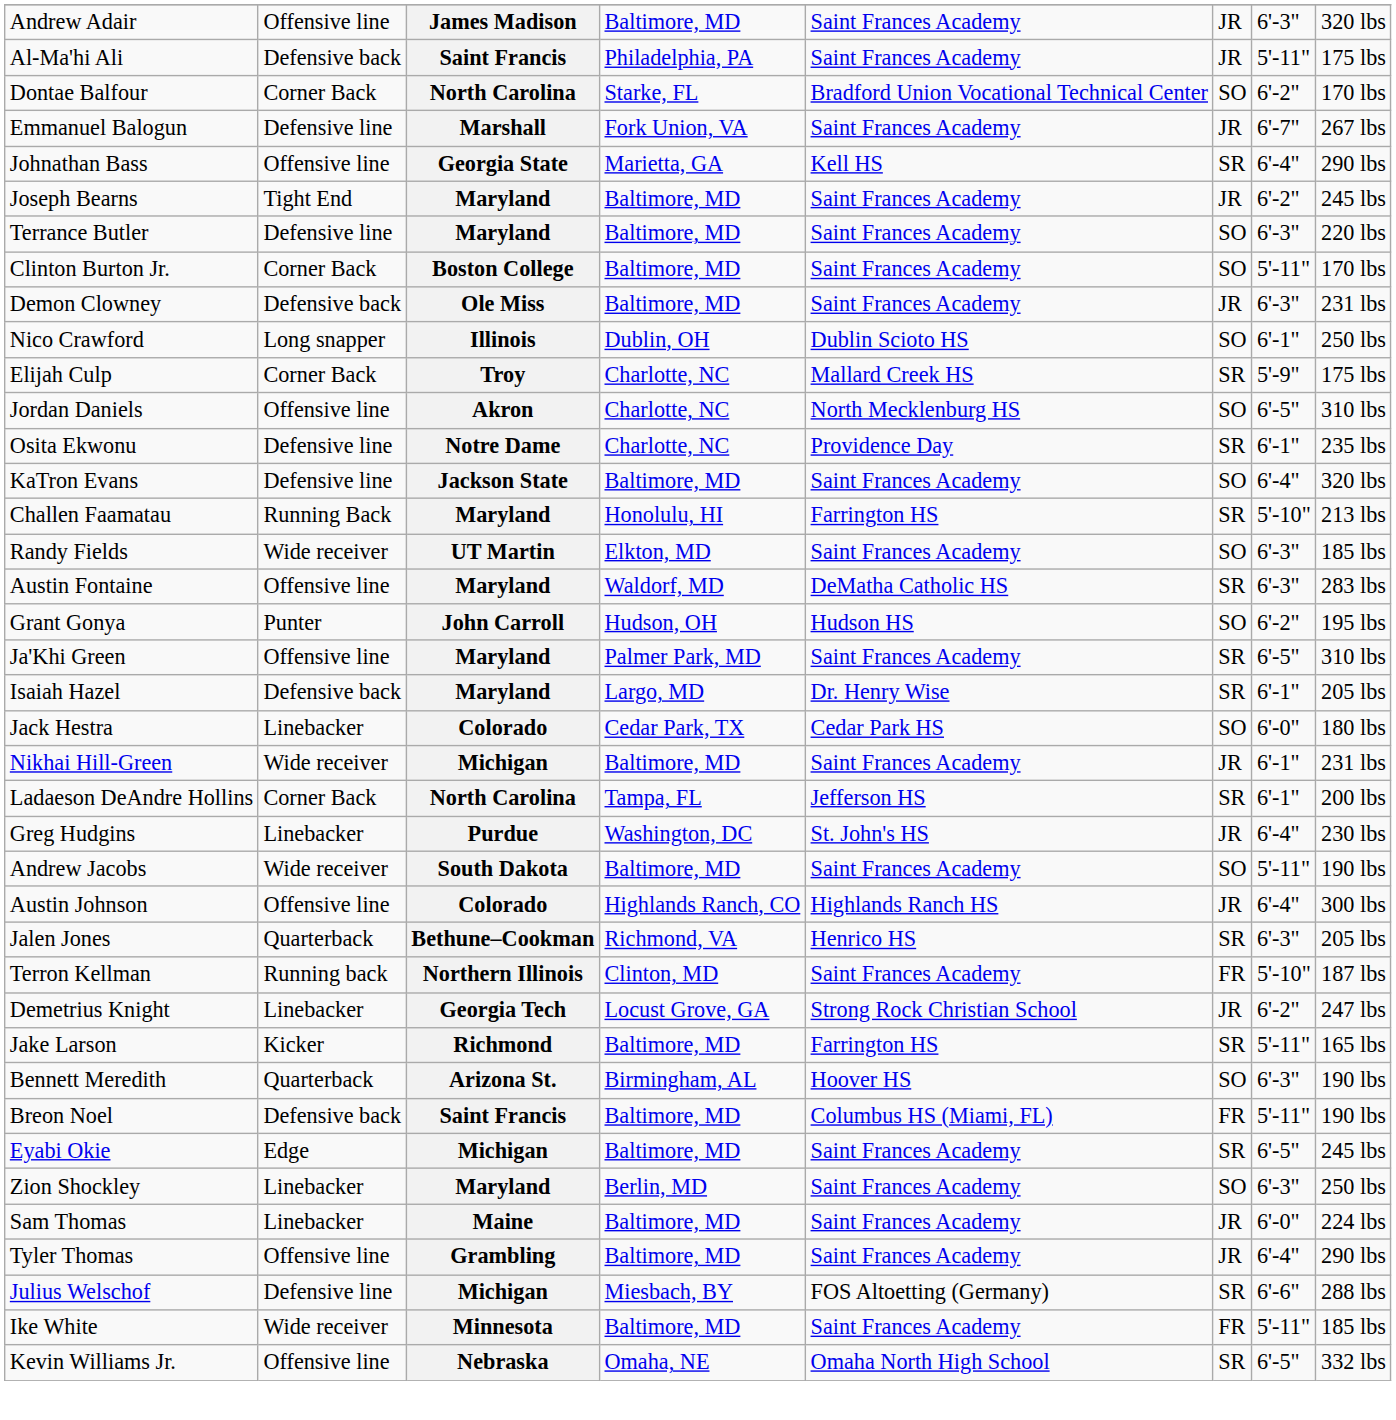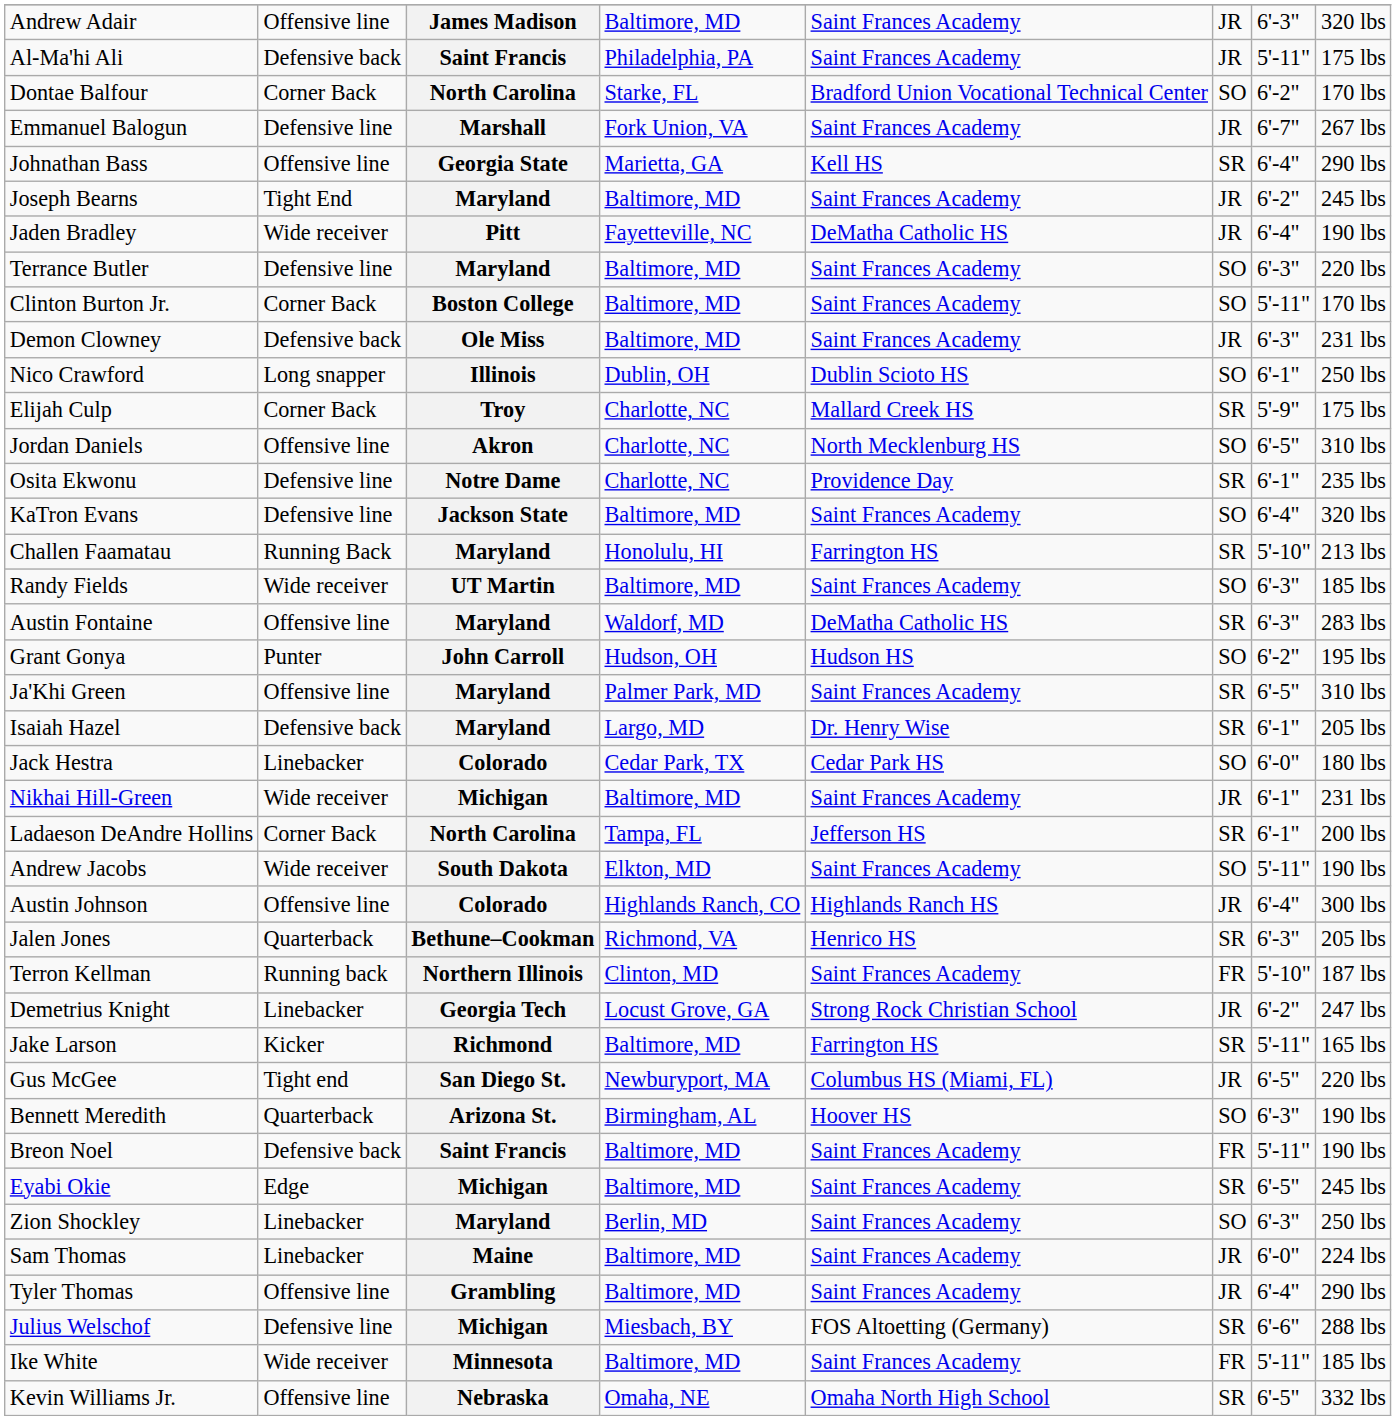 <table class="wikitable mw-collapsible mw-collapsed">
 <tr>
 </tr>
 <tr>
 <td>Andrew Adair</td>
 <td>Offensive line</td>
 <th>James Madison</th>
 <td><a href='#'>Baltimore, MD</a></td>
 <td><a href='#'>Saint Frances Academy</a></td>
 <td>JR</td>
 <td>6'-3"</td>
 <td>320 lbs</td>
 </tr>
 <tr>
 <td>Al-Ma'hi Ali</td>
 <td>Defensive back</td>
 <th>Saint Francis</th>
 <td><a href='#'>Philadelphia, PA</a></td>
 <td><a href='#'>Saint Frances Academy</a></td>
 <td>JR</td>
 <td>5'-11"</td>
 <td>175 lbs</td>
 </tr>
 <tr>
 <td>Dontae Balfour</td>
 <td>Corner Back</td>
 <th>North Carolina</th>
 <td><a href='#'>Starke, FL</a></td>
 <td><a href='#'>Bradford Union Vocational Technical Center</a></td>
 <td>SO</td>
 <td>6'-2"</td>
 <td>170 lbs</td>
 </tr>
 <tr>
 <td>Emmanuel Balogun</td>
 <td>Defensive line</td>
 <th>Marshall</th>
 <td><a href='#'>Fork Union, VA</a></td>
 <td><a href='#'>Saint Frances Academy</a></td>
 <td>JR</td>
 <td>6'-7"</td>
 <td>267 lbs</td>
 </tr>
 <tr>
 <td>Johnathan Bass</td>
 <td>Offensive line</td>
 <th>Georgia State</th>
 <td><a href='#'>Marietta, GA</a></td>
 <td><a href='#'>Kell HS</a></td>
 <td>SR</td>
 <td>6'-4"</td>
 <td>290 lbs</td>
 </tr>
 <tr>
 <td>Joseph Bearns</td>
 <td>Tight End</td>
 <th>Maryland</th>
 <td><a href='#'>Baltimore, MD</a></td>
 <td><a href='#'>Saint Frances Academy</a></td>
 <td>JR</td>
 <td>6'-2"</td>
 <td>245 lbs</td>
+</tr>
+<tr>
+<td>Jaden Bradley</td>
+<td>Wide receiver</td>
+<th>Pitt</th>
+<td><a href='#'>Fayetteville, NC</a></td>
+<td><a href='#'>DeMatha Catholic HS</a></td>
+<td>JR</td>
+<td>6'-4"</td>
+<td>190 lbs</td>
 </tr>
 <tr>
 <td>Terrance Butler</td>
 <td>Defensive line</td>
 <th>Maryland</th>
 <td><a href='#'>Baltimore, MD</a></td>
 <td><a href='#'>Saint Frances Academy</a></td>
 <td>SO</td>
 <td>6'-3"</td>
 <td>220 lbs</td>
 </tr>
 <tr>
 <td>Clinton Burton Jr.</td>
 <td>Corner Back</td>
 <th>Boston College</th>
 <td><a href='#'>Baltimore, MD</a></td>
 <td><a href='#'>Saint Frances Academy</a></td>
 <td>SO</td>
 <td>5'-11"</td>
 <td>170 lbs</td>
 </tr>
 <tr>
 <td>Demon Clowney</td>
 <td>Defensive back</td>
 <th>Ole Miss</th>
 <td><a href='#'>Baltimore, MD</a></td>
 <td><a href='#'>Saint Frances Academy</a></td>
 <td>JR</td>
 <td>6'-3"</td>
 <td>231 lbs</td>
 </tr>
 <tr>
 <td>Nico Crawford</td>
 <td>Long snapper</td>
 <th>Illinois</th>
 <td><a href='#'>Dublin, OH</a></td>
 <td><a href='#'>Dublin Scioto HS</a></td>
 <td>SO</td>
 <td>6'-1"</td>
 <td>250 lbs</td>
 </tr>
 <tr>
 <td>Elijah Culp</td>
 <td>Corner Back</td>
 <th>Troy</th>
 <td><a href='#'>Charlotte, NC</a></td>
 <td><a href='#'>Mallard Creek HS</a></td>
 <td>SR</td>
 <td>5'-9"</td>
 <td>175 lbs</td>
 </tr>
 <tr>
 <td>Jordan Daniels</td>
 <td>Offensive line</td>
 <th>Akron</th>
 <td><a href='#'>Charlotte, NC</a></td>
 <td><a href='#'>North Mecklenburg HS</a></td>
 <td>SO</td>
 <td>6'-5"</td>
 <td>310 lbs</td>
 </tr>
 <tr>
 <td>Osita Ekwonu</td>
 <td>Defensive line</td>
 <th>Notre Dame</th>
 <td><a href='#'>Charlotte, NC</a></td>
 <td><a href='#'>Providence Day</a></td>
 <td>SR</td>
 <td>6'-1"</td>
 <td>235 lbs</td>
 </tr>
 <tr>
 <td>KaTron Evans</td>
 <td>Defensive line</td>
 <th>Jackson State</th>
 <td><a href='#'>Baltimore, MD</a></td>
 <td><a href='#'>Saint Frances Academy</a></td>
 <td>SO</td>
 <td>6'-4"</td>
 <td>320 lbs</td>
 </tr>
 <tr>
 <td>Challen Faamatau</td>
 <td>Running Back</td>
 <th>Maryland</th>
 <td><a href='#'>Honolulu, HI</a></td>
 <td><a href='#'>Farrington HS</a></td>
 <td>SR</td>
 <td>5'-10"</td>
 <td>213 lbs</td>
 </tr>
 <tr>
 <td>Randy Fields</td>
 <td>Wide receiver</td>
 <th>UT Martin</th>
-<td><a href='#'>Elkton, MD</a></td>
+<td><a href='#'>Baltimore, MD</a></td>
 <td><a href='#'>Saint Frances Academy</a></td>
 <td>SO</td>
 <td>6'-3"</td>
 <td>185 lbs</td>
 </tr>
 <tr>
 <td>Austin Fontaine</td>
 <td>Offensive line</td>
 <th>Maryland</th>
 <td><a href='#'>Waldorf, MD</a></td>
 <td><a href='#'>DeMatha Catholic HS</a></td>
 <td>SR</td>
 <td>6'-3"</td>
 <td>283 lbs</td>
 </tr>
 <tr>
 <td>Grant Gonya</td>
 <td>Punter</td>
 <th>John Carroll</th>
 <td><a href='#'>Hudson, OH</a></td>
 <td><a href='#'>Hudson HS</a></td>
 <td>SO</td>
 <td>6'-2"</td>
 <td>195 lbs</td>
 </tr>
 <tr>
 <td>Ja'Khi Green</td>
 <td>Offensive line</td>
 <th>Maryland</th>
 <td><a href='#'>Palmer Park, MD</a></td>
 <td><a href='#'>Saint Frances Academy</a></td>
 <td>SR</td>
 <td>6'-5"</td>
 <td>310 lbs</td>
 </tr>
 <tr>
 <td>Isaiah Hazel</td>
 <td>Defensive back</td>
 <th>Maryland</th>
 <td><a href='#'>Largo, MD</a></td>
 <td><a href='#'>Dr. Henry Wise</a></td>
 <td>SR</td>
 <td>6'-1"</td>
 <td>205 lbs</td>
 </tr>
 <tr>
 <td>Jack Hestra</td>
 <td>Linebacker</td>
 <th>Colorado</th>
 <td><a href='#'>Cedar Park, TX</a></td>
 <td><a href='#'>Cedar Park HS</a></td>
 <td>SO</td>
 <td>6'-0"</td>
 <td>180 lbs</td>
 </tr>
 <tr>
 <td><a href='#'>Nikhai Hill-Green</a></td>
 <td>Wide receiver</td>
 <th>Michigan</th>
 <td><a href='#'>Baltimore, MD</a></td>
 <td><a href='#'>Saint Frances Academy</a></td>
 <td>JR</td>
 <td>6'-1"</td>
 <td>231 lbs</td>
 </tr>
 <tr>
 <td>Ladaeson DeAndre Hollins</td>
 <td>Corner Back</td>
 <th>North Carolina</th>
 <td><a href='#'>Tampa, FL</a></td>
 <td><a href='#'>Jefferson HS</a></td>
 <td>SR</td>
 <td>6'-1"</td>
 <td>200 lbs</td>
 </tr>
 <tr>
-<td>Greg Hudgins</td>
-<td>Linebacker</td>
-<th>Purdue</th>
-<td><a href='#'>Washington, DC</a></td>
-<td><a href='#'>St. John's HS</a></td>
-<td>JR</td>
-<td>6'-4"</td>
-<td>230 lbs</td>
-</tr>
-<tr>
 <td>Andrew Jacobs</td>
 <td>Wide receiver</td>
 <th>South Dakota</th>
-<td><a href='#'>Baltimore, MD</a></td>
+<td><a href='#'>Elkton, MD</a></td>
 <td><a href='#'>Saint Frances Academy</a></td>
 <td>SO</td>
 <td>5'-11"</td>
 <td>190 lbs</td>
 </tr>
 <tr>
 <td>Austin Johnson</td>
 <td>Offensive line</td>
 <th>Colorado</th>
 <td><a href='#'>Highlands Ranch, CO</a></td>
 <td><a href='#'>Highlands Ranch HS</a></td>
 <td>JR</td>
 <td>6'-4"</td>
 <td>300 lbs</td>
 </tr>
 <tr>
 <td>Jalen Jones</td>
 <td>Quarterback</td>
 <th>Bethune–Cookman</th>
 <td><a href='#'>Richmond, VA</a></td>
 <td><a href='#'>Henrico HS</a></td>
 <td>SR</td>
 <td>6'-3"</td>
 <td>205 lbs</td>
 </tr>
 <tr>
 <td>Terron Kellman</td>
 <td>Running back</td>
 <th>Northern Illinois</th>
 <td><a href='#'>Clinton, MD</a></td>
 <td><a href='#'>Saint Frances Academy</a></td>
 <td>FR</td>
 <td>5'-10"</td>
 <td>187 lbs</td>
 </tr>
 <tr>
 <td>Demetrius Knight</td>
 <td>Linebacker</td>
 <th>Georgia Tech</th>
 <td><a href='#'>Locust Grove, GA</a></td>
 <td><a href='#'>Strong Rock Christian School</a></td>
 <td>JR</td>
 <td>6'-2"</td>
 <td>247 lbs</td>
 </tr>
 <tr>
 <td>Jake Larson</td>
 <td>Kicker</td>
 <th>Richmond</th>
 <td><a href='#'>Baltimore, MD</a></td>
 <td><a href='#'>Farrington HS</a></td>
 <td>SR</td>
 <td>5'-11"</td>
 <td>165 lbs</td>
 </tr>
 <tr>
+<td>Gus McGee</td>
+<td>Tight end</td>
+<th>San Diego St.</th>
+<td><a href='#'>Newburyport, MA</a></td>
+<td><a href='#'>Columbus HS (Miami, FL)</a></td>
+<td>JR</td>
+<td>6'-5"</td>
+<td>220 lbs</td>
+</tr>
+<tr>
 <td>Bennett Meredith</td>
 <td>Quarterback</td>
 <th>Arizona St.</th>
 <td><a href='#'>Birmingham, AL</a></td>
 <td><a href='#'>Hoover HS</a></td>
 <td>SO</td>
 <td>6'-3"</td>
 <td>190 lbs</td>
 </tr>
 <tr>
 <td>Breon Noel</td>
 <td>Defensive back</td>
 <th>Saint Francis</th>
 <td><a href='#'>Baltimore, MD</a></td>
-<td><a href='#'>Columbus HS (Miami, FL)</a></td>
+<td><a href='#'>Saint Frances Academy</a></td>
 <td>FR</td>
 <td>5'-11"</td>
 <td>190 lbs</td>
 </tr>
 <tr>
 <td><a href='#'>Eyabi Okie</a></td>
 <td>Edge</td>
 <th>Michigan</th>
 <td><a href='#'>Baltimore, MD</a></td>
 <td><a href='#'>Saint Frances Academy</a></td>
 <td>SR</td>
 <td>6'-5"</td>
 <td>245 lbs</td>
 </tr>
 <tr>
 <td>Zion Shockley</td>
 <td>Linebacker</td>
 <th>Maryland</th>
 <td><a href='#'>Berlin, MD</a></td>
 <td><a href='#'>Saint Frances Academy</a></td>
 <td>SO</td>
 <td>6'-3"</td>
 <td>250 lbs</td>
 </tr>
 <tr>
 <td>Sam Thomas</td>
 <td>Linebacker</td>
 <th>Maine</th>
 <td><a href='#'>Baltimore, MD</a></td>
 <td><a href='#'>Saint Frances Academy</a></td>
 <td>JR</td>
 <td>6'-0"</td>
 <td>224 lbs</td>
 </tr>
 <tr>
 <td>Tyler Thomas</td>
 <td>Offensive line</td>
 <th>Grambling</th>
 <td><a href='#'>Baltimore, MD</a></td>
 <td><a href='#'>Saint Frances Academy</a></td>
 <td>JR</td>
 <td>6'-4"</td>
 <td>290 lbs</td>
 </tr>
 <tr>
 <td><a href='#'>Julius Welschof</a></td>
 <td>Defensive line</td>
 <th>Michigan</th>
 <td><a href='#'>Miesbach, BY</a></td>
 <td>FOS Altoetting (Germany)</td>
 <td>SR</td>
 <td>6'-6"</td>
 <td>288 lbs</td>
 </tr>
 <tr>
 <td>Ike White</td>
 <td>Wide receiver</td>
 <th>Minnesota</th>
 <td><a href='#'>Baltimore, MD</a></td>
 <td><a href='#'>Saint Frances Academy</a></td>
 <td>FR</td>
 <td>5'-11"</td>
 <td>185 lbs</td>
 </tr>
 <tr>
 <td>Kevin Williams Jr.</td>
 <td>Offensive line</td>
 <th>Nebraska</th>
 <td><a href='#'>Omaha, NE</a></td>
 <td><a href='#'>Omaha North High School</a></td>
 <td>SR</td>
 <td>6'-5"</td>
 <td>332 lbs</td>
 </tr>
 </table>
